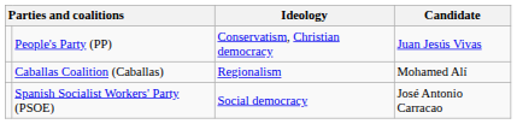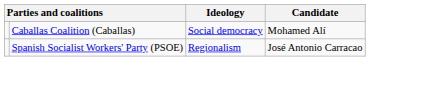 <table class="wikitable" style="font-size:95%;">
 <tr>
 <th style="text-align:left;" colspan="2">Parties and coalitions</th>
 <th>Ideology</th>
 <th>Candidate</th>
 </tr>
 <tr>
-<td width="1" style="color:inherit;background:"></td>
-<td><a href='#'>People's Party</a> (PP)</td>
-<td><a href='#'>Conservatism</a>, <a href='#'>Christian democracy</a></td>
-<td><a href='#'>Juan Jesús Vivas</a></td>
-</tr>
-<tr>
 <td style="color:inherit;background:"></td>
 <td><a href='#'>Caballas Coalition</a> (Caballas)</td>
-<td><a href='#'>Regionalism</a></td>
+<td><a href='#'>Social democracy</a></td>
 <td>Mohamed Alí</td>
 </tr>
 <tr>
 <td style="color:inherit;background:"></td>
 <td><a href='#'>Spanish Socialist Workers' Party</a> (PSOE)</td>
-<td><a href='#'>Social democracy</a></td>
+<td><a href='#'>Regionalism</a></td>
 <td>José Antonio Carracao</td>
 </tr>
 </table>
